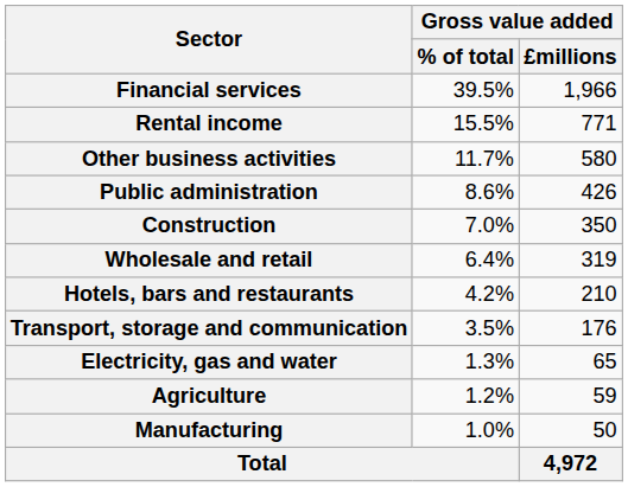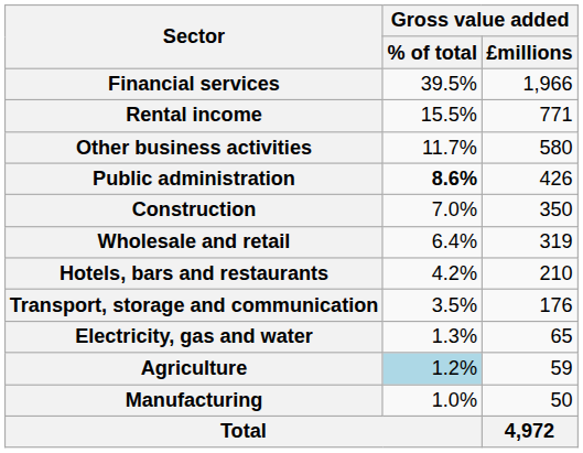 <table class="wikitable" style="text-align:right;">
 <tr>
 <th rowspan=2>Sector</th>
 <th colspan=2>Gross value added</th>
 </tr>
 <tr>
 <th>% of total</th>
 <th>£millions</th>
 </tr>
 <tr>
 <th>Financial services</th>
 <td>39.5%</td>
 <td>1,966</td>
 </tr>
 <tr>
 <th>Rental income</th>
 <td>15.5%</td>
 <td>771</td>
 </tr>
 <tr>
 <th>Other business activities</th>
 <td>11.7%</td>
 <td>580</td>
 </tr>
 <tr>
 <th>Public administration</th>
-<td>8.6%</td>
+<td><strong>8.6%</strong></td>
 <td>426</td>
 </tr>
 <tr>
 <th>Construction</th>
 <td>7.0%</td>
 <td>350</td>
 </tr>
 <tr>
 <th>Wholesale and retail</th>
 <td>6.4%</td>
 <td>319</td>
 </tr>
 <tr>
 <th>Hotels, bars and restaurants</th>
 <td>4.2%</td>
 <td>210</td>
 </tr>
 <tr>
 <th>Transport, storage and communication</th>
 <td>3.5%</td>
 <td>176</td>
 </tr>
 <tr>
 <th>Electricity, gas and water</th>
 <td>1.3%</td>
 <td>65</td>
 </tr>
 <tr>
 <th>Agriculture</th>
-<td>1.2%</td>
+<td style="background: lightblue;">1.2%</td>
 <td>59</td>
 </tr>
 <tr>
 <th>Manufacturing</th>
 <td>1.0%</td>
 <td>50</td>
 </tr>
 <tr>
 <th colspan=2>Total</th>
 <th>4,972</th>
 </tr>
 </table>
